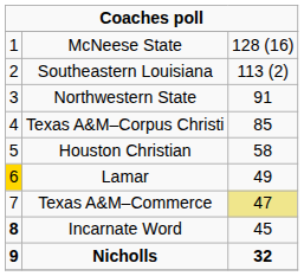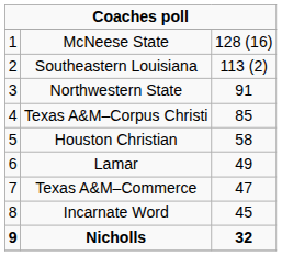 <table class="wikitable">
 <tr align="center">
 <td align="center" Colspan="3"><strong>Coaches poll</strong></td>
 </tr>
 <tr align="center">
 </tr>
 <tr align="center">
 <td>1</td>
 <td>McNeese State</td>
 <td>128 (16)</td>
 </tr>
 <tr align="center">
 <td>2</td>
 <td>Southeastern Louisiana</td>
 <td>113 (2)</td>
 </tr>
 <tr align="center">
 <td>3</td>
 <td>Northwestern State</td>
 <td>91</td>
 </tr>
 <tr align="center">
 <td>4</td>
 <td>Texas A&M–Corpus Christi</td>
 <td>85</td>
 </tr>
 <tr align="center">
 <td>5</td>
 <td>Houston Christian</td>
 <td>58</td>
 </tr>
 <tr align="center">
-<td style="background: gold;">6</td>
+<td>6</td>
 <td>Lamar</td>
 <td>49</td>
 </tr>
 <tr align="center">
 <td>7</td>
 <td>Texas A&M–Commerce</td>
-<td style="background: khaki;">47</td>
+<td>47</td>
 </tr>
 <tr align="center">
-<td><strong>8</strong></td>
+<td>8</td>
 <td>Incarnate Word</td>
 <td>45</td>
 </tr>
 <tr align="center">
 <td><strong>9</strong></td>
 <td><strong>Nicholls</strong></td>
 <td><strong>32</strong></td>
 </tr>
 <tr align="center">
 </tr>
 </table>
